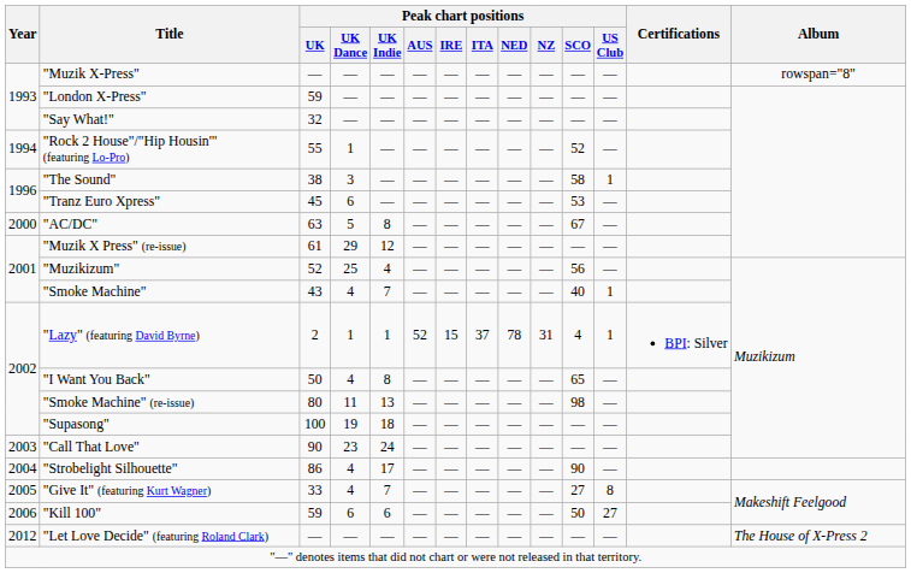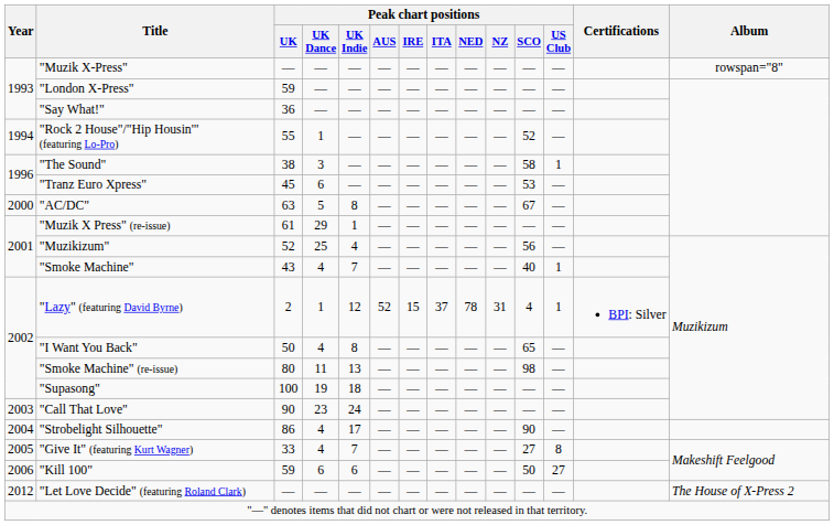 <table class="wikitable" style="text-align:center;">
 <tr>
 <th rowspan="2" style="width:2em;">Year</th>
 <th rowspan="2" style="width:18em;">Title</th>
 <th colspan="10">Peak chart positions</th>
 <th rowspan="2">Certifications</th>
 <th rowspan="2" style="width:12em;">Album</th>
 </tr>
 <tr>
 <th style="width:2em;font-size:90%;"><a href='#'>UK</a><br></th>
 <th style="width:2em;font-size:90%;"><a href='#'>UK<br>Dance</a><br></th>
 <th style="width:2em;font-size:90%;"><a href='#'>UK<br>Indie</a><br></th>
 <th style="width:2em;font-size:90%;"><a href='#'>AUS</a><br></th>
 <th style="width:2em;font-size:90%;"><a href='#'>IRE</a><br></th>
 <th style="width:2em;font-size:90%;"><a href='#'>ITA</a><br></th>
 <th style="width:2em;font-size:90%;"><a href='#'>NED</a><br></th>
 <th style="width:2em;font-size:90%;"><a href='#'>NZ</a><br></th>
 <th style="width:2em;font-size:90%;"><a href='#'>SCO</a><br></th>
 <th style="width:2em;font-size:90%;"><a href='#'>US<br>Club</a><br></th>
 </tr>
 <tr>
 <td rowspan="3">1993</td>
 <td style="text-align:left;">"Muzik X-Press"</td>
 <td>—</td>
 <td>—</td>
 <td>—</td>
 <td>—</td>
 <td>—</td>
 <td>—</td>
 <td>—</td>
 <td>—</td>
 <td>—</td>
 <td>—</td>
 <td></td>
 <td>rowspan="8" </td>
 </tr>
 <tr>
 <td style="text-align:left;">"London X-Press"</td>
 <td>59</td>
 <td>—</td>
 <td>—</td>
 <td>—</td>
 <td>—</td>
 <td>—</td>
 <td>—</td>
 <td>—</td>
 <td>—</td>
 <td>—</td>
 <td></td>
 </tr>
 <tr>
 <td style="text-align:left;">"Say What!"</td>
-<td>32</td>
+<td>36</td>
 <td>—</td>
 <td>—</td>
 <td>—</td>
 <td>—</td>
 <td>—</td>
 <td>—</td>
 <td>—</td>
 <td>—</td>
 <td>—</td>
 <td></td>
 </tr>
 <tr>
 <td>1994</td>
 <td style="text-align:left;">"Rock 2 House"/"Hip Housin'" <br><small>(featuring <a href='#'>Lo-Pro</a>)</small></td>
 <td>55</td>
 <td>1</td>
 <td>—</td>
 <td>—</td>
 <td>—</td>
 <td>—</td>
 <td>—</td>
 <td>—</td>
 <td>52</td>
 <td>—</td>
 <td></td>
 </tr>
 <tr>
 <td rowspan="2">1996</td>
 <td style="text-align:left;">"The Sound"</td>
 <td>38</td>
 <td>3</td>
 <td>—</td>
 <td>—</td>
 <td>—</td>
 <td>—</td>
 <td>—</td>
 <td>—</td>
 <td>58</td>
 <td>1</td>
 <td></td>
 </tr>
 <tr>
 <td style="text-align:left;">"Tranz Euro Xpress"</td>
 <td>45</td>
 <td>6</td>
 <td>—</td>
 <td>—</td>
 <td>—</td>
 <td>—</td>
 <td>—</td>
 <td>—</td>
 <td>53</td>
 <td>—</td>
 <td></td>
 </tr>
 <tr>
 <td>2000</td>
 <td style="text-align:left;">"AC/DC"</td>
 <td>63</td>
 <td>5</td>
 <td>8</td>
 <td>—</td>
 <td>—</td>
 <td>—</td>
 <td>—</td>
 <td>—</td>
 <td>67</td>
 <td>—</td>
 <td></td>
 </tr>
 <tr>
 <td rowspan="3">2001</td>
 <td style="text-align:left;">"Muzik X Press" <small>(re-issue)</small></td>
 <td>61</td>
 <td>29</td>
-<td>12</td>
+<td>1</td>
 <td>—</td>
 <td>—</td>
 <td>—</td>
 <td>—</td>
 <td>—</td>
 <td>—</td>
 <td>—</td>
 <td></td>
 </tr>
 <tr>
 <td style="text-align:left;">"Muzikizum"</td>
 <td>52</td>
 <td>25</td>
 <td>4</td>
 <td>—</td>
 <td>—</td>
 <td>—</td>
 <td>—</td>
 <td>—</td>
 <td>56</td>
 <td>—</td>
 <td></td>
 <td style="text-align:left;" rowspan="7"><em>Muzikizum</em></td>
 </tr>
 <tr>
 <td style="text-align:left;">"Smoke Machine"</td>
 <td>43</td>
 <td>4</td>
 <td>7</td>
 <td>—</td>
 <td>—</td>
 <td>—</td>
 <td>—</td>
 <td>—</td>
 <td>40</td>
 <td>1</td>
 <td></td>
 </tr>
 <tr>
 <td rowspan="4">2002</td>
 <td style="text-align:left;">"<a href='#'>Lazy</a>" <small>(featuring <a href='#'>David Byrne</a>)</small></td>
 <td>2</td>
 <td>1</td>
-<td>1</td>
+<td>12</td>
 <td>52</td>
 <td>15</td>
 <td>37</td>
 <td>78</td>
 <td>31</td>
 <td>4</td>
 <td>1</td>
 <td><br><ul><li><a href='#'>BPI</a>: Silver</li></ul></td>
 </tr>
 <tr>
 <td style="text-align:left;">"I Want You Back"</td>
 <td>50</td>
 <td>4</td>
 <td>8</td>
 <td>—</td>
 <td>—</td>
 <td>—</td>
 <td>—</td>
 <td>—</td>
 <td>65</td>
 <td>—</td>
 <td></td>
 </tr>
 <tr>
 <td style="text-align:left;">"Smoke Machine" <small>(re-issue)</small></td>
 <td>80</td>
 <td>11</td>
 <td>13</td>
 <td>—</td>
 <td>—</td>
 <td>—</td>
 <td>—</td>
 <td>—</td>
 <td>98</td>
 <td>—</td>
 <td></td>
 </tr>
 <tr>
 <td style="text-align:left;">"Supasong"</td>
 <td>100</td>
 <td>19</td>
 <td>18</td>
 <td>—</td>
 <td>—</td>
 <td>—</td>
 <td>—</td>
 <td>—</td>
 <td>—</td>
 <td>—</td>
 <td></td>
 </tr>
 <tr>
 <td>2003</td>
 <td style="text-align:left;">"Call That Love"</td>
 <td>90</td>
 <td>23</td>
 <td>24</td>
 <td>—</td>
 <td>—</td>
 <td>—</td>
 <td>—</td>
 <td>—</td>
 <td>—</td>
 <td>—</td>
 <td></td>
 </tr>
 <tr>
 <td>2004</td>
 <td style="text-align:left;">"Strobelight Silhouette"</td>
 <td>86</td>
 <td>4</td>
 <td>17</td>
 <td>—</td>
 <td>—</td>
 <td>—</td>
 <td>—</td>
 <td>—</td>
 <td>90</td>
 <td>—</td>
 <td></td>
 <td></td>
 </tr>
 <tr>
 <td>2005</td>
 <td style="text-align:left;">"Give It" <small>(featuring <a href='#'>Kurt Wagner</a>)</small></td>
 <td>33</td>
 <td>4</td>
 <td>7</td>
 <td>—</td>
 <td>—</td>
 <td>—</td>
 <td>—</td>
 <td>—</td>
 <td>27</td>
 <td>8</td>
 <td></td>
 <td style="text-align:left;" rowspan="2"><em>Makeshift Feelgood</em></td>
 </tr>
 <tr>
 <td>2006</td>
 <td style="text-align:left;">"Kill 100"</td>
 <td>59</td>
 <td>6</td>
 <td>6</td>
 <td>—</td>
 <td>—</td>
 <td>—</td>
 <td>—</td>
 <td>—</td>
 <td>50</td>
 <td>27</td>
 <td></td>
 </tr>
 <tr>
 <td>2012</td>
 <td style="text-align:left;">"Let Love Decide" <small>(featuring <a href='#'>Roland Clark</a>)</small></td>
 <td>—</td>
 <td>—</td>
 <td>—</td>
 <td>—</td>
 <td>—</td>
 <td>—</td>
 <td>—</td>
 <td>—</td>
 <td>—</td>
 <td>—</td>
 <td></td>
 <td style="text-align:left;"><em>The House of X-Press 2</em></td>
 </tr>
 <tr>
 <td colspan="15" style="font-size:90%">"—" denotes items that did not chart or were not released in that territory.</td>
 </tr>
 </table>
